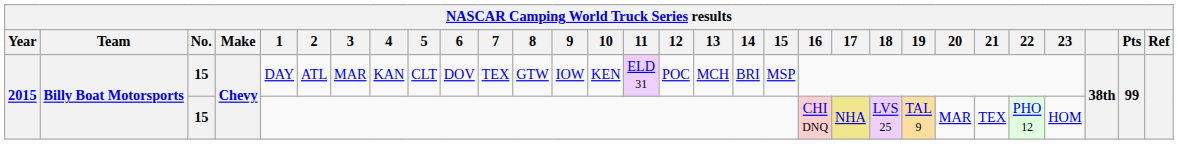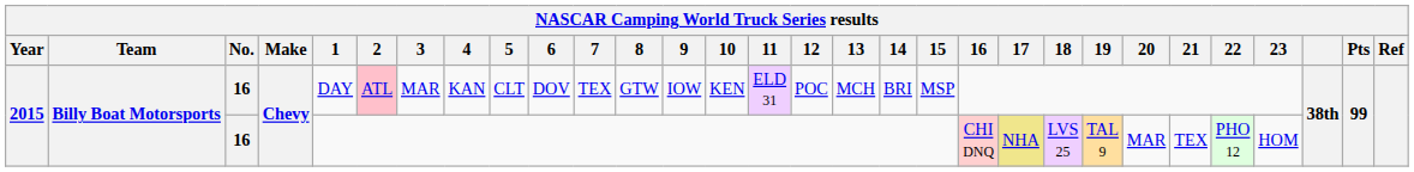 <table class="wikitable" style="text-align:center; font-size:75%">
 <tr>
 <th colspan=45><a href='#'>NASCAR Camping World Truck Series</a> results</th>
 </tr>
 <tr>
 <th>Year</th>
 <th>Team</th>
 <th>No.</th>
 <th>Make</th>
 <th>1</th>
 <th>2</th>
 <th>3</th>
 <th>4</th>
 <th>5</th>
 <th>6</th>
 <th>7</th>
 <th>8</th>
 <th>9</th>
 <th>10</th>
 <th>11</th>
 <th>12</th>
 <th>13</th>
 <th>14</th>
 <th>15</th>
 <th>16</th>
 <th>17</th>
 <th>18</th>
 <th>19</th>
 <th>20</th>
 <th>21</th>
 <th>22</th>
 <th>23</th>
 <th></th>
 <th>Pts</th>
 <th>Ref</th>
 </tr>
 <tr>
 <th rowspan=2><a href='#'>2015</a></th>
 <th rowspan=2><a href='#'>Billy Boat Motorsports</a></th>
-<th>15</th>
+<th>16</th>
 <th rowspan=2><a href='#'>Chevy</a></th>
 <td><a href='#'>DAY</a></td>
-<td><a href='#'>ATL</a></td>
+<td style="background: pink;"><a href='#'>ATL</a></td>
 <td><a href='#'>MAR</a></td>
 <td><a href='#'>KAN</a></td>
 <td><a href='#'>CLT</a></td>
 <td><a href='#'>DOV</a></td>
 <td><a href='#'>TEX</a></td>
 <td><a href='#'>GTW</a></td>
 <td><a href='#'>IOW</a></td>
 <td><a href='#'>KEN</a></td>
 <td style="background:#EFCFFF;"><a href='#'>ELD</a><br><small>31</small></td>
 <td><a href='#'>POC</a></td>
 <td><a href='#'>MCH</a></td>
 <td><a href='#'>BRI</a></td>
 <td><a href='#'>MSP</a></td>
 <td colspan=8></td>
 <th rowspan=2>38th</th>
 <th rowspan=2>99</th>
 <th rowspan=2></th>
 </tr>
 <tr>
-<th>15</th>
+<th>16</th>
 <td colspan=15></td>
 <td style="background:#FFCFCF;"><a href='#'>CHI</a><br><small>DNQ</small></td>
 <td style="background: khaki;"><a href='#'>NHA</a></td>
 <td style="background:#EFCFFF;"><a href='#'>LVS</a><br><small>25</small></td>
 <td style="background:#FFDF9F;"><a href='#'>TAL</a><br><small>9</small></td>
 <td><a href='#'>MAR</a></td>
 <td><a href='#'>TEX</a></td>
 <td style="background:#DFFFDF;"><a href='#'>PHO</a><br><small>12</small></td>
 <td><a href='#'>HOM</a></td>
 </tr>
 </table>
